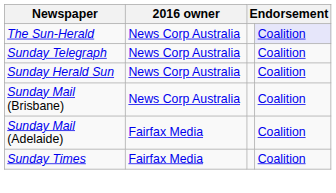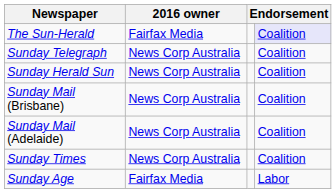 <table class="wikitable floatright">
 <tr>
 <th style="width:150px;">Newspaper</th>
 <th style="width:150px;">2016 owner</th>
 <th colspan=2>Endorsement</th>
 </tr>
 <tr>
 <td><em><a href='#'>The Sun-Herald</a></em></td>
-<td><a href='#'>News Corp Australia</a></td>
+<td><a href='#'>Fairfax Media</a></td>
 <td style="background-color: "></td>
 <td style="background: lavender;"><a href='#'>Coalition</a></td>
 </tr>
 <tr>
 <td><em><a href='#'>Sunday Telegraph</a></em></td>
 <td><a href='#'>News Corp Australia</a></td>
 <td style="background-color: "></td>
 <td><a href='#'>Coalition</a></td>
 </tr>
 <tr>
 <td><em><a href='#'>Sunday Herald Sun</a></em></td>
 <td><a href='#'>News Corp Australia</a></td>
 <td style="background-color: "></td>
 <td><a href='#'>Coalition</a></td>
 </tr>
 <tr>
 <td><em><a href='#'>Sunday Mail</a></em> (Brisbane)</td>
 <td><a href='#'>News Corp Australia</a></td>
 <td style="background-color: "></td>
 <td><a href='#'>Coalition</a></td>
 </tr>
 <tr>
 <td><em><a href='#'>Sunday Mail</a></em> (Adelaide)</td>
-<td><a href='#'>Fairfax Media</a></td>
+<td><a href='#'>News Corp Australia</a></td>
 <td style="background-color: "></td>
 <td><a href='#'>Coalition</a></td>
 </tr>
 <tr>
 <td><em><a href='#'>Sunday Times</a></em></td>
-<td><a href='#'>Fairfax Media</a></td>
+<td><a href='#'>News Corp Australia</a></td>
 <td style="background-color: "></td>
 <td><a href='#'>Coalition</a></td>
 </tr>
+<tr>
+<td><em><a href='#'>Sunday Age</a></em></td>
+<td><a href='#'>Fairfax Media</a></td>
+<td style="background-color: "></td>
+<td><a href='#'>Labor</a></td>
+</tr>
 </table>
